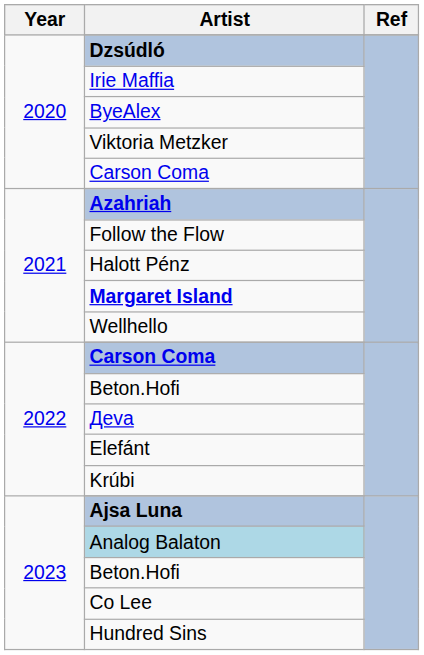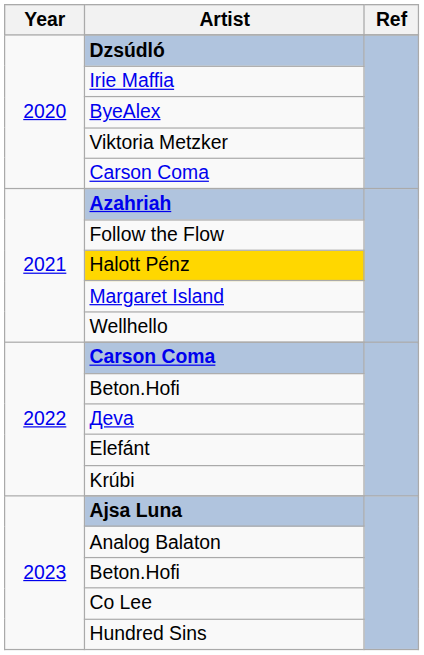 <table class="wikitable" style="width:55%;">
 <tr style="background:#bebebe;">
 <th style="width:10%;">Year</th>
 <th style="width:40%;">Artist</th>
 <th style="width:5%;">Ref</th>
 </tr>
 <tr>
 <td rowspan="6" align="center"><a href='#'>2020</a></td>
 </tr>
 <tr style="background:#B0C4DE">
 <td><strong>Dzsúdló</strong></td>
 <td rowspan="6" align="center"></td>
 </tr>
 <tr>
 <td><a href='#'>Irie Maffia</a></td>
 </tr>
 <tr>
 <td><a href='#'>ByeAlex</a></td>
 </tr>
 <tr>
 <td>Viktoria Metzker</td>
 </tr>
 <tr>
 <td><a href='#'>Carson Coma</a></td>
 </tr>
 <tr>
 <td rowspan="6" align="center"><a href='#'>2021</a></td>
 </tr>
 <tr style="background:#B0C4DE">
 <td><strong><a href='#'>Azahriah</a></strong></td>
 <td rowspan="6" align="center"></td>
 </tr>
 <tr>
 <td>Follow the Flow</td>
 </tr>
 <tr>
-<td>Halott Pénz</td>
+<td style="background: gold;">Halott Pénz</td>
 </tr>
 <tr>
-<td><strong><a href='#'>Margaret Island</a></strong></td>
+<td><a href='#'>Margaret Island</a></td>
 </tr>
 <tr>
 <td>Wellhello</td>
 </tr>
 <tr>
 <td rowspan="6" align="center"><a href='#'>2022</a></td>
 </tr>
 <tr style="background:#B0C4DE">
 <td><strong><a href='#'>Carson Coma</a></strong></td>
 <td rowspan="6" align="center"></td>
 </tr>
 <tr>
 <td>Beton.Hofi</td>
 </tr>
 <tr>
 <td><a href='#'>Дeva</a></td>
 </tr>
 <tr>
 <td>Elefánt</td>
 </tr>
 <tr>
 <td>Krúbi</td>
 </tr>
 <tr>
 <td rowspan="6" align="center"><a href='#'>2023</a></td>
 </tr>
 <tr style="background:#B0C4DE">
 <td><strong>Ajsa Luna</strong></td>
 <td rowspan="6" align="center"></td>
 </tr>
 <tr>
-<td style="background: lightblue;">Analog Balaton</td>
+<td>Analog Balaton</td>
 </tr>
 <tr>
 <td>Beton.Hofi</td>
 </tr>
 <tr>
 <td>Co Lee</td>
 </tr>
 <tr>
 <td>Hundred Sins</td>
 </tr>
 </table>
